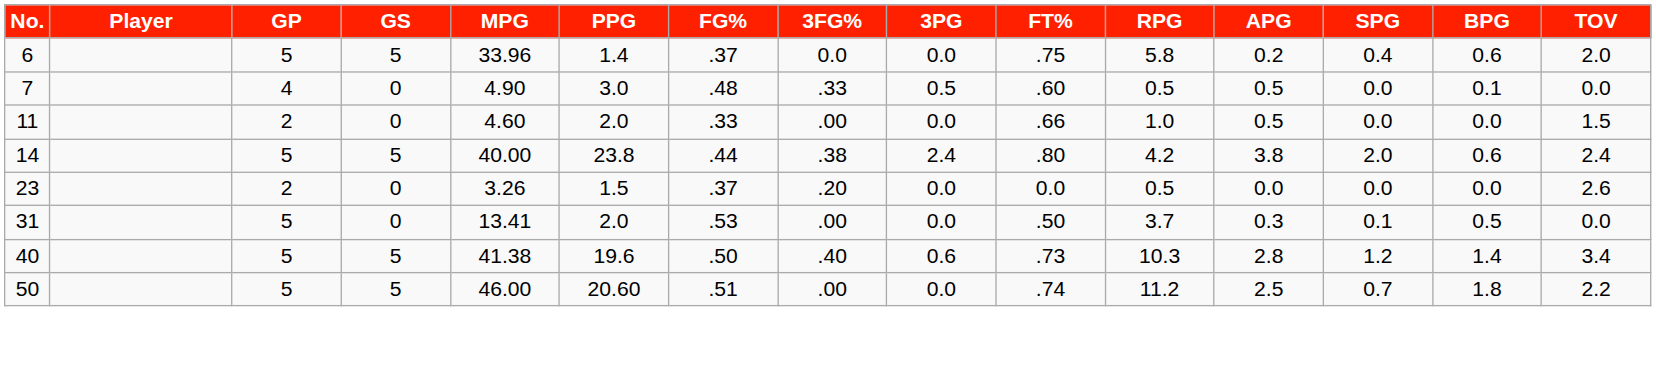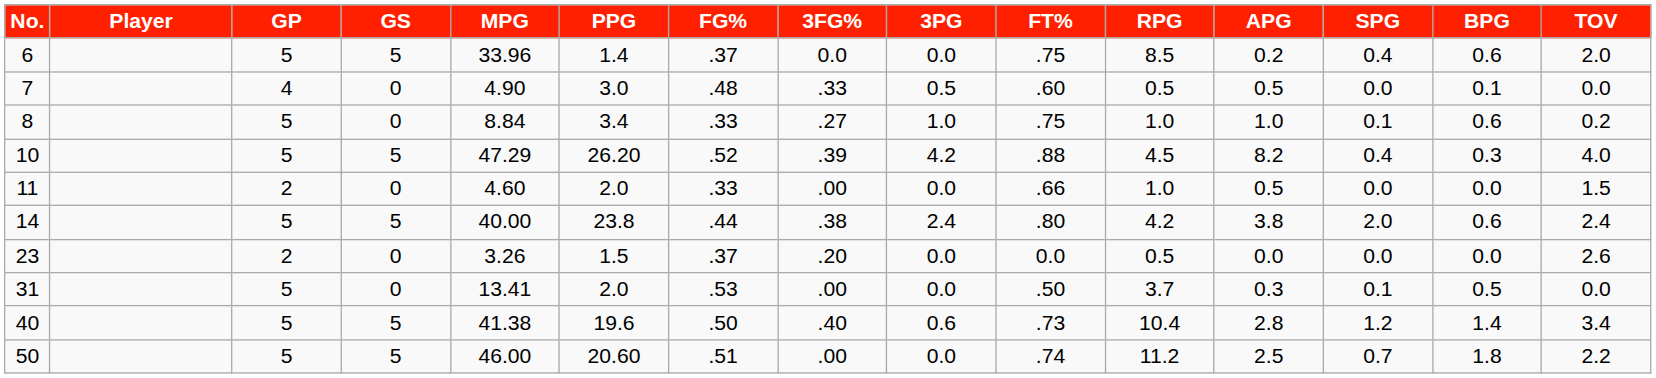 <table class="wikitable sortable">
 <tr>
 <th style="background:#ff2000; color:#fff; width:1%;">No.</th>
 <th style="background:#ff2000; color:#fff; width:10%;">Player</th>
 <th style="background:#ff2000; color:#fff; width:6%;">GP</th>
 <th style="background:#ff2000; color:#fff; width:6%;">GS</th>
 <th style="background:#ff2000; color:#fff; width:6%;">MPG</th>
 <th style="background:#ff2000; color:#fff; width:6%;">PPG</th>
 <th style="background:#ff2000; color:#fff; width:6%;">FG%</th>
 <th style="background:#ff2000; color:#fff; width:6%;">3FG%</th>
 <th style="background:#ff2000; color:#fff; width:6%;">3PG</th>
 <th style="background:#ff2000; color:#fff; width:6%;">FT%</th>
 <th style="background:#ff2000; color:#fff; width:6%;">RPG</th>
 <th style="background:#ff2000; color:#fff; width:6%;">APG</th>
 <th style="background:#ff2000; color:#fff; width:6%;">SPG</th>
 <th style="background:#ff2000; color:#fff; width:6%;">BPG</th>
 <th style="background:#ff2000; color:#fff; width:6%;">TOV</th>
 </tr>
 <tr style="text-align:center;" bgcolor="">
 <td>6</td>
 <td></td>
 <td>5</td>
 <td>5</td>
 <td>33.96</td>
 <td>1.4</td>
 <td>.37</td>
 <td style="background: color:white">0.0</td>
 <td>0.0</td>
 <td style="background: color:white">.75</td>
-<td>5.8</td>
+<td>8.5</td>
 <td>0.2</td>
 <td>0.4</td>
 <td>0.6</td>
 <td>2.0</td>
 </tr>
 <tr style="text-align:center;" bgcolor="">
 <td>7</td>
 <td></td>
 <td>4</td>
 <td>0</td>
 <td>4.90</td>
 <td>3.0</td>
 <td>.48</td>
 <td>.33</td>
 <td>0.5</td>
 <td>.60</td>
 <td>0.5</td>
 <td>0.5</td>
 <td>0.0</td>
 <td>0.1</td>
 <td>0.0</td>
+</tr>
+<tr style="text-align:center;" bgcolor="">
+<td>8</td>
+<td></td>
+<td style="background: color:white">5</td>
+<td style="background: color:white">0</td>
+<td>8.84</td>
+<td>3.4</td>
+<td>.33</td>
+<td>.27</td>
+<td>1.0</td>
+<td>.75</td>
+<td style="background: color:white">1.0</td>
+<td>1.0</td>
+<td>0.1</td>
+<td>0.6</td>
+<td>0.2</td>
+</tr>
+<tr style="text-align:center;" bgcolor="">
+<td>10</td>
+<td></td>
+<td style="background: color:white">5</td>
+<td>5</td>
+<td>47.29</td>
+<td>26.20</td>
+<td>.52</td>
+<td>.39</td>
+<td>4.2</td>
+<td .86>.88</td>
+<td>4.5</td>
+<td>8.2</td>
+<td>0.4</td>
+<td>0.3</td>
+<td>4.0</td>
 </tr>
 <tr style="text-align:center;" bgcolor="">
 <td>11</td>
 <td></td>
 <td style="background: color:white">2</td>
 <td>0</td>
 <td>4.60</td>
 <td>2.0</td>
 <td>.33</td>
 <td>.00</td>
 <td>0.0</td>
 <td>.66</td>
 <td>1.0</td>
 <td>0.5</td>
 <td>0.0</td>
 <td>0.0</td>
 <td>1.5</td>
 </tr>
 <tr style="text-align:center;" bgcolor="">
 <td>14</td>
 <td></td>
 <td style="background: color:white">5</td>
 <td style="background: color:white">5</td>
 <td>40.00</td>
 <td>23.8</td>
 <td>.44</td>
 <td>.38</td>
 <td>2.4</td>
 <td>.80</td>
 <td>4.2</td>
 <td style="background: color:white">3.8</td>
 <td>2.0</td>
 <td>0.6</td>
 <td>2.4</td>
 </tr>
 <tr style="text-align:center;" bgcolor="">
 <td>23</td>
 <td></td>
 <td style="background: color:white">2</td>
 <td style="background color:white">0</td>
 <td>3.26</td>
 <td style="background:color:white">1.5</td>
 <td style="background: color:white">.37</td>
 <td>.20</td>
 <td>0.0</td>
 <td>0.0</td>
 <td>0.5</td>
 <td>0.0</td>
 <td>0.0</td>
 <td>0.0</td>
 <td>2.6</td>
 </tr>
 <tr style="text-align:center;" bgcolor="">
 <td>31</td>
 <td></td>
 <td>5</td>
 <td>0</td>
 <td>13.41</td>
 <td>2.0</td>
 <td>.53</td>
 <td>.00</td>
 <td>0.0</td>
 <td>.50</td>
 <td>3.7</td>
 <td>0.3</td>
 <td>0.1</td>
 <td>0.5</td>
 <td>0.0</td>
 </tr>
 <tr style="text-align:center;" bgcolor="">
 <td>40</td>
 <td></td>
 <td style="background: color:white">5</td>
 <td>5</td>
 <td>41.38</td>
 <td>19.6</td>
 <td>.50</td>
 <td style="background: color:white">.40</td>
 <td>0.6</td>
 <td>.73</td>
-<td>10.3</td>
+<td>10.4</td>
 <td>2.8</td>
 <td>1.2</td>
 <td>1.4</td>
 <td>3.4</td>
 </tr>
 <tr style="text-align:center;" bgcolor="">
 <td>50</td>
 <td></td>
 <td style="background: color:white">5</td>
 <td style="background: color:white">5</td>
 <td>46.00</td>
 <td>20.60</td>
 <td>.51</td>
 <td>.00</td>
 <td>0.0</td>
 <td>.74</td>
 <td>11.2</td>
 <td>2.5</td>
 <td>0.7</td>
 <td>1.8</td>
 <td>2.2</td>
 </tr>
 </table>
